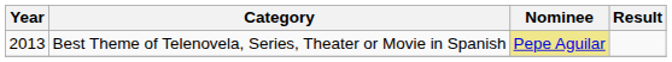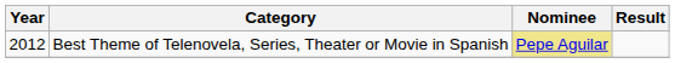 <table class="wikitable">
 <tr style="background:#b0c4de;">
 <th>Year</th>
 <th>Category</th>
 <th>Nominee</th>
 <th>Result</th>
 </tr>
 <tr>
-<td>2013</td>
+<td>2012</td>
 <td>Best Theme of Telenovela, Series, Theater or Movie in Spanish</td>
 <td style="background: khaki;"><a href='#'>Pepe Aguilar</a></td>
 <td></td>
 </tr>
 <tr>
 </tr>
 </table>
